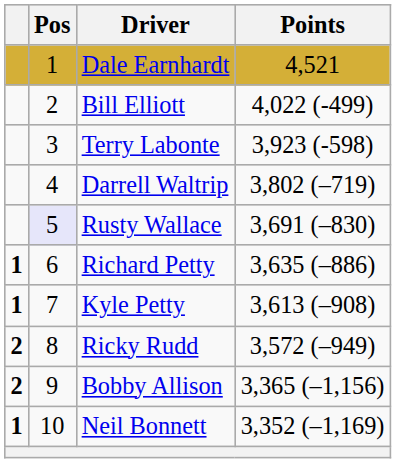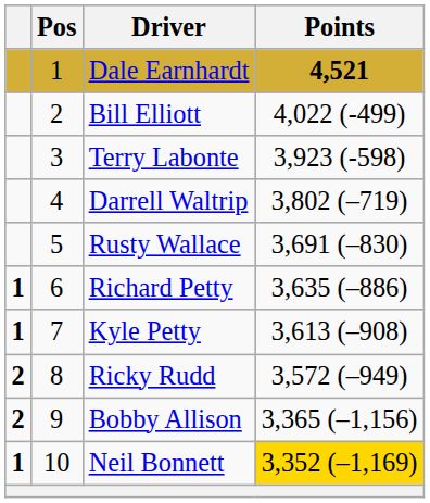 <table class="wikitable" style="font-size: 95%;">
 <tr>
 <th></th>
 <th>Pos</th>
 <th>Driver</th>
 <th>Points</th>
 </tr>
 <tr style="background:#D4AF37;">
 <td align="left"></td>
 <td style="text-align:center;">1</td>
 <td><a href='#'>Dale Earnhardt</a></td>
-<td style="text-align:center;">4,521</td>
+<td style="text-align:center;"><strong>4,521</strong></td>
 </tr>
 <tr>
 <td align="left"></td>
 <td style="text-align:center;">2</td>
 <td><a href='#'>Bill Elliott</a></td>
 <td style="text-align:center;">4,022 (-499)</td>
 </tr>
 <tr>
 <td align="left"></td>
 <td style="text-align:center;">3</td>
 <td><a href='#'>Terry Labonte</a></td>
 <td style="text-align:center;">3,923 (-598)</td>
 </tr>
 <tr>
 <td align="left"></td>
 <td style="text-align:center;">4</td>
 <td><a href='#'>Darrell Waltrip</a></td>
 <td style="text-align:center;">3,802 (–719)</td>
 </tr>
 <tr>
 <td align="left"></td>
-<td style="background: lavender; text-align:center;">5</td>
+<td style="text-align:center;">5</td>
 <td><a href='#'>Rusty Wallace</a></td>
 <td style="text-align:center;">3,691 (–830)</td>
 </tr>
 <tr>
 <td align="left">  <strong>1</strong></td>
 <td style="text-align:center;">6</td>
 <td><a href='#'>Richard Petty</a></td>
 <td style="text-align:center;">3,635 (–886)</td>
 </tr>
 <tr>
 <td align="left">  <strong>1</strong></td>
 <td style="text-align:center;">7</td>
 <td><a href='#'>Kyle Petty</a></td>
 <td style="text-align:center;">3,613 (–908)</td>
 </tr>
 <tr>
 <td align="left">  <strong>2</strong></td>
 <td style="text-align:center;">8</td>
 <td><a href='#'>Ricky Rudd</a></td>
 <td style="text-align:center;">3,572 (–949)</td>
 </tr>
 <tr>
 <td align="left">  <strong>2</strong></td>
 <td style="text-align:center;">9</td>
 <td><a href='#'>Bobby Allison</a></td>
 <td style="text-align:center;">3,365 (–1,156)</td>
 </tr>
 <tr>
 <td align="left">  <strong>1</strong></td>
 <td style="text-align:center;">10</td>
 <td><a href='#'>Neil Bonnett</a></td>
-<td style="text-align:center;">3,352 (–1,169)</td>
+<td style="background: gold; text-align:center;">3,352 (–1,169)</td>
 </tr>
 <tr class="sortbottom">
 <th colspan="9"></th>
 </tr>
 </table>
